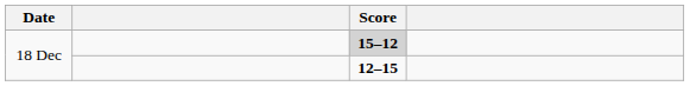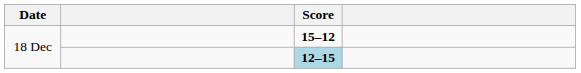 <table class="wikitable" style="text-align: center;">
 <tr>
 <th width="60">Date</th>
 <th align="right" width="270"></th>
 <th width="50">Score</th>
 <th align="left" width="270"></th>
 </tr>
 <tr>
 <td rowspan=2>18 Dec</td>
 <td align=left><strong></strong></td>
-<td align=center style="background: lightgrey;"><strong>15–12</strong></td>
+<td align=center><strong>15–12</strong></td>
 <td align=left></td>
 </tr>
 <tr>
 <td align=left></td>
-<td align=center><strong>12–15</strong></td>
+<td align=center style="background: lightblue;"><strong>12–15</strong></td>
 <td align=left><strong></strong></td>
 </tr>
 </table>
